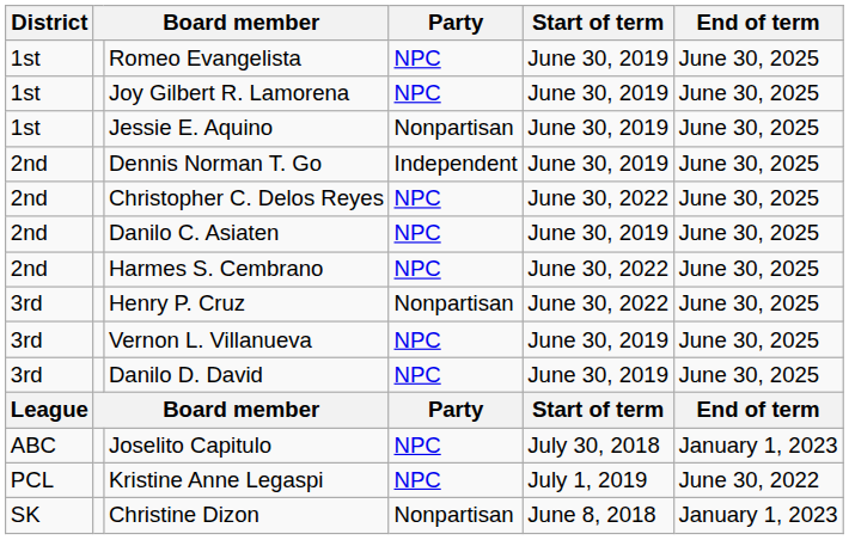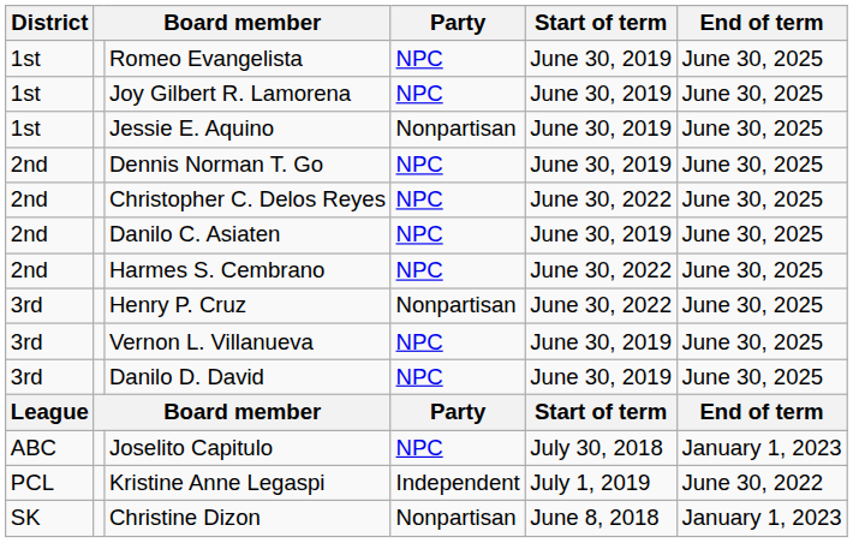 <table class="wikitable">
 <tr>
 <th>District</th>
 <th colspan="2">Board member</th>
 <th>Party</th>
 <th>Start of term</th>
 <th>End of term</th>
 </tr>
 <tr>
 <td>1st</td>
 <td></td>
 <td>Romeo Evangelista</td>
 <td><a href='#'>NPC</a></td>
 <td>June 30, 2019</td>
 <td>June 30, 2025</td>
 </tr>
 <tr>
 <td>1st</td>
 <td></td>
 <td>Joy Gilbert R. Lamorena</td>
 <td><a href='#'>NPC</a></td>
 <td>June 30, 2019</td>
 <td>June 30, 2025</td>
 </tr>
 <tr>
 <td>1st</td>
 <td></td>
 <td>Jessie E. Aquino</td>
 <td>Nonpartisan</td>
 <td>June 30, 2019</td>
 <td>June 30, 2025</td>
 </tr>
 <tr>
 <td>2nd</td>
 <td></td>
 <td>Dennis Norman T. Go</td>
-<td>Independent</td>
+<td><a href='#'>NPC</a></td>
 <td>June 30, 2019</td>
 <td>June 30, 2025</td>
 </tr>
 <tr>
 <td>2nd</td>
 <td></td>
 <td>Christopher C. Delos Reyes</td>
 <td><a href='#'>NPC</a></td>
 <td>June 30, 2022</td>
 <td>June 30, 2025</td>
 </tr>
 <tr>
 <td>2nd</td>
 <td></td>
 <td>Danilo C. Asiaten</td>
 <td><a href='#'>NPC</a></td>
 <td>June 30, 2019</td>
 <td>June 30, 2025</td>
 </tr>
 <tr>
 <td>2nd</td>
 <td></td>
 <td>Harmes S. Cembrano</td>
 <td><a href='#'>NPC</a></td>
 <td>June 30, 2022</td>
 <td>June 30, 2025</td>
 </tr>
 <tr>
 <td>3rd</td>
 <td></td>
 <td>Henry P. Cruz</td>
 <td>Nonpartisan</td>
 <td>June 30, 2022</td>
 <td>June 30, 2025</td>
 </tr>
 <tr>
 <td>3rd</td>
 <td></td>
 <td>Vernon L. Villanueva</td>
 <td><a href='#'>NPC</a></td>
 <td>June 30, 2019</td>
 <td>June 30, 2025</td>
 </tr>
 <tr>
 <td>3rd</td>
 <td></td>
 <td>Danilo D. David</td>
 <td><a href='#'>NPC</a></td>
 <td>June 30, 2019</td>
 <td>June 30, 2025</td>
 </tr>
 <tr>
 <th>League</th>
 <th colspan="2">Board member</th>
 <th>Party</th>
 <th>Start of term</th>
 <th>End of term</th>
 </tr>
 <tr>
 <td>ABC</td>
 <td></td>
 <td>Joselito Capitulo</td>
 <td><a href='#'>NPC</a></td>
 <td>July 30, 2018</td>
 <td>January 1, 2023</td>
 </tr>
 <tr>
 <td>PCL</td>
 <td></td>
 <td>Kristine Anne Legaspi</td>
-<td><a href='#'>NPC</a></td>
+<td>Independent</td>
 <td>July 1, 2019</td>
 <td>June 30, 2022</td>
 </tr>
 <tr>
 <td>SK</td>
 <td></td>
 <td>Christine Dizon</td>
 <td>Nonpartisan</td>
 <td>June 8, 2018</td>
 <td>January 1, 2023</td>
 </tr>
 </table>
